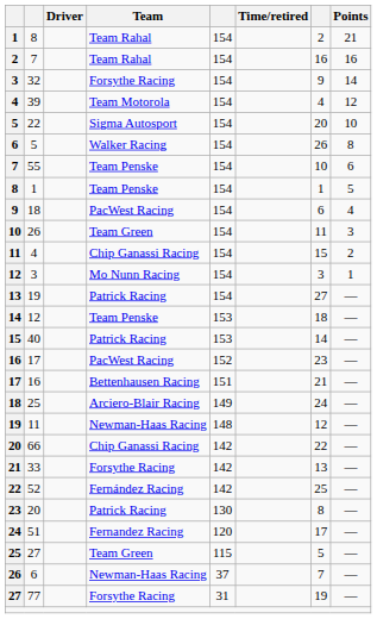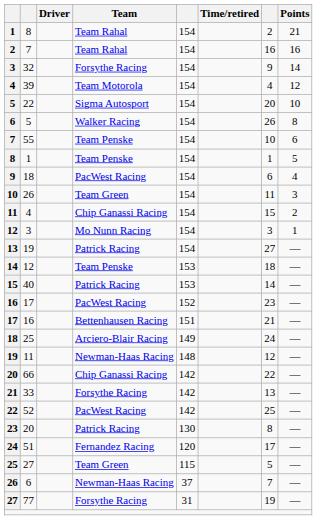 <table class="wikitable sortable" style="font-size:95%;">
 <tr>
 <th scope="col"></th>
 <th scope="col"></th>
 <th scope="col">Driver</th>
 <th scope="col">Team</th>
 <th scope="col"></th>
 <th scope="col">Time/retired</th>
 <th scope="col"></th>
 <th scope="col">Points</th>
 </tr>
 <tr>
 <th scope="row">1</th>
 <td align="center">8</td>
 <td></td>
 <td><a href='#'>Team Rahal</a></td>
 <td align="center">154</td>
 <td align="center"></td>
 <td align="center">2</td>
 <td align="center">21</td>
 </tr>
 <tr>
 <th scope="row">2</th>
 <td align="center">7</td>
 <td></td>
 <td><a href='#'>Team Rahal</a></td>
 <td align="center">154</td>
 <td align="center"></td>
 <td align="center">16</td>
 <td align="center">16</td>
 </tr>
 <tr>
 <th scope="row">3</th>
 <td align="center">32</td>
 <td></td>
 <td><a href='#'>Forsythe Racing</a></td>
 <td align="center">154</td>
 <td align="center"></td>
 <td align="center">9</td>
 <td align="center">14</td>
 </tr>
 <tr>
 <th scope="row">4</th>
 <td align="center">39</td>
 <td></td>
 <td><a href='#'>Team Motorola</a></td>
 <td align="center">154</td>
 <td align="center"></td>
 <td align="center">4</td>
 <td align="center">12</td>
 </tr>
 <tr>
 <th scope="row">5</th>
 <td align="center">22</td>
 <td></td>
 <td><a href='#'>Sigma Autosport</a></td>
 <td align="center">154</td>
 <td align="center"></td>
 <td align="center">20</td>
 <td align="center">10</td>
 </tr>
 <tr>
 <th scope="row">6</th>
 <td align="center">5</td>
 <td></td>
 <td><a href='#'>Walker Racing</a></td>
 <td align="center">154</td>
 <td align="center"></td>
 <td align="center">26</td>
 <td align="center">8</td>
 </tr>
 <tr>
 <th scope="row">7</th>
 <td align="center">55</td>
 <td></td>
 <td><a href='#'>Team Penske</a></td>
 <td align="center">154</td>
 <td align="center"></td>
 <td align="center">10</td>
 <td align="center">6</td>
 </tr>
 <tr>
 <th scope="row">8</th>
 <td align="center">1</td>
 <td></td>
 <td><a href='#'>Team Penske</a></td>
 <td align="center">154</td>
 <td align="center"></td>
 <td align="center">1</td>
 <td align="center">5</td>
 </tr>
 <tr>
 <th scope="row">9</th>
 <td align="center">18</td>
 <td></td>
 <td><a href='#'>PacWest Racing</a></td>
 <td align="center">154</td>
 <td align="center"></td>
 <td align="center">6</td>
 <td align="center">4</td>
 </tr>
 <tr>
 <th scope="row">10</th>
 <td align="center">26</td>
 <td></td>
 <td><a href='#'>Team Green</a></td>
 <td align="center">154</td>
 <td align="center"></td>
 <td align="center">11</td>
 <td align="center">3</td>
 </tr>
 <tr>
 <th scope="row">11</th>
 <td align="center">4</td>
 <td></td>
 <td><a href='#'>Chip Ganassi Racing</a></td>
 <td align="center">154</td>
 <td align="center"></td>
 <td align="center">15</td>
 <td align="center">2</td>
 </tr>
 <tr>
 <th scope="row">12</th>
 <td align="center">3</td>
 <td></td>
 <td><a href='#'>Mo Nunn Racing</a></td>
 <td align="center">154</td>
 <td align="center"></td>
 <td align="center">3</td>
 <td align="center">1</td>
 </tr>
 <tr>
 <th scope="row">13</th>
 <td align="center">19</td>
 <td></td>
 <td><a href='#'>Patrick Racing</a></td>
 <td align="center">154</td>
 <td align="center"></td>
 <td align="center">27</td>
 <td align="center">—</td>
 </tr>
 <tr>
 <th scope="row">14</th>
 <td align="center">12</td>
 <td></td>
 <td><a href='#'>Team Penske</a></td>
 <td align="center">153</td>
 <td align="center"></td>
 <td align="center">18</td>
 <td align="center">—</td>
 </tr>
 <tr>
 <th scope="row">15</th>
 <td align="center">40</td>
 <td></td>
 <td><a href='#'>Patrick Racing</a></td>
 <td align="center">153</td>
 <td align="center"></td>
 <td align="center">14</td>
 <td align="center">—</td>
 </tr>
 <tr>
 <th scope="row">16</th>
 <td align="center">17</td>
 <td></td>
 <td><a href='#'>PacWest Racing</a></td>
 <td align="center">152</td>
 <td align="center"></td>
 <td align="center">23</td>
 <td align="center">—</td>
 </tr>
 <tr>
 <th scope="row">17</th>
 <td align="center">16</td>
 <td></td>
 <td><a href='#'>Bettenhausen Racing</a></td>
 <td align="center">151</td>
 <td align="center"></td>
 <td align="center">21</td>
 <td align="center">—</td>
 </tr>
 <tr>
 <th scope="row">18</th>
 <td align="center">25</td>
 <td></td>
 <td><a href='#'>Arciero-Blair Racing</a></td>
 <td align="center">149</td>
 <td align="center"></td>
 <td align="center">24</td>
 <td align="center">—</td>
 </tr>
 <tr>
 <th scope="row">19</th>
 <td align="center">11</td>
 <td></td>
 <td><a href='#'>Newman-Haas Racing</a></td>
 <td align="center">148</td>
 <td align="center"></td>
 <td align="center">12</td>
 <td align="center">—</td>
 </tr>
 <tr>
 <th scope="row">20</th>
 <td align="center">66</td>
 <td></td>
 <td><a href='#'>Chip Ganassi Racing</a></td>
 <td align="center">142</td>
 <td align="center"></td>
 <td align="center">22</td>
 <td align="center">—</td>
 </tr>
 <tr>
 <th scope="row">21</th>
 <td align="center">33</td>
 <td></td>
 <td><a href='#'>Forsythe Racing</a></td>
 <td align="center">142</td>
 <td align="center"></td>
 <td align="center">13</td>
 <td align="center">—</td>
 </tr>
 <tr>
 <th scope="row">22</th>
 <td align="center">52</td>
 <td></td>
-<td><a href='#'>Fernández Racing</a></td>
+<td><a href='#'>PacWest Racing</a></td>
 <td align="center">142</td>
 <td align="center"></td>
 <td align="center">25</td>
 <td align="center">—</td>
 </tr>
 <tr>
 <th scope="row">23</th>
 <td align="center">20</td>
 <td></td>
 <td><a href='#'>Patrick Racing</a></td>
 <td align="center">130</td>
 <td align="center"></td>
 <td align="center">8</td>
 <td align="center">—</td>
 </tr>
 <tr>
 <th scope="row">24</th>
 <td align="center">51</td>
 <td></td>
 <td><a href='#'>Fernandez Racing</a></td>
 <td align="center">120</td>
 <td align="center"></td>
 <td align="center">17</td>
 <td align="center">—</td>
 </tr>
 <tr>
 <th scope="row">25</th>
 <td align="center">27</td>
 <td></td>
 <td><a href='#'>Team Green</a></td>
 <td align="center">115</td>
 <td align="center"></td>
 <td align="center">5</td>
 <td align="center">—</td>
 </tr>
 <tr>
 <th scope="row">26</th>
 <td align="center">6</td>
 <td></td>
 <td><a href='#'>Newman-Haas Racing</a></td>
 <td align="center">37</td>
 <td align="center"></td>
 <td align="center">7</td>
 <td align="center">—</td>
 </tr>
 <tr>
 <th scope="row">27</th>
 <td align="center">77</td>
 <td></td>
 <td><a href='#'>Forsythe Racing</a></td>
 <td align="center">31</td>
 <td align="center"></td>
 <td align="center">19</td>
 <td align="center">—</td>
 </tr>
 <tr class="sortbottom">
 <td colspan="8"></td>
 </tr>
 </table>
